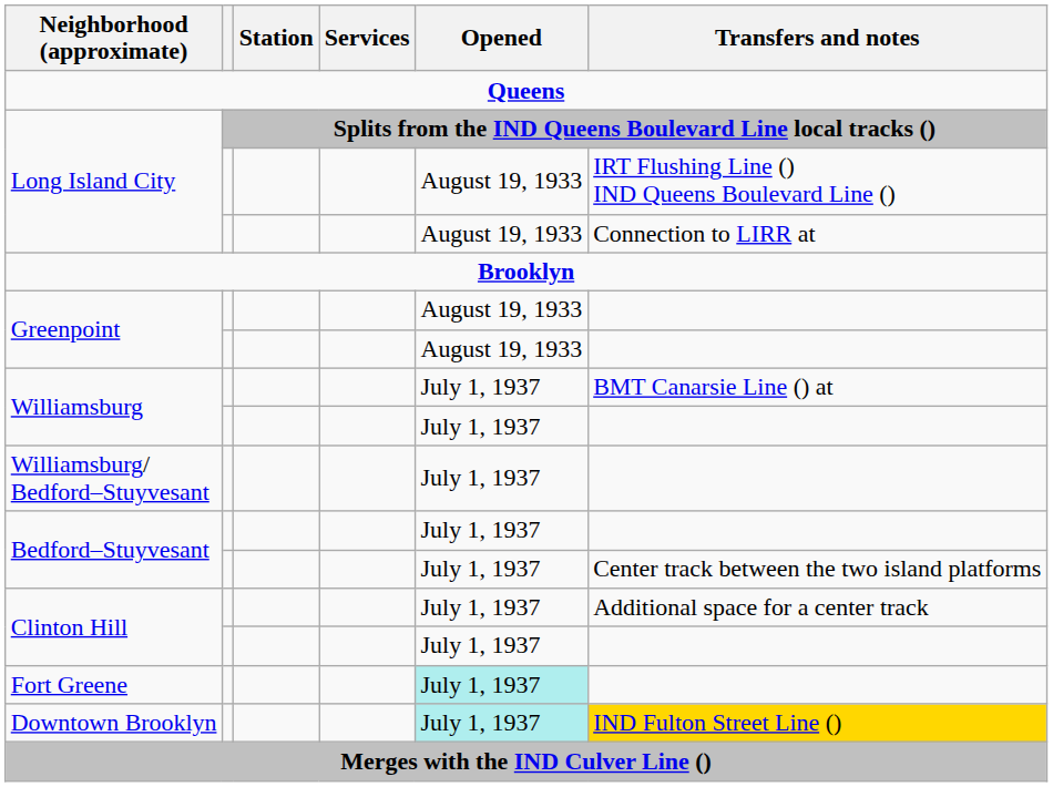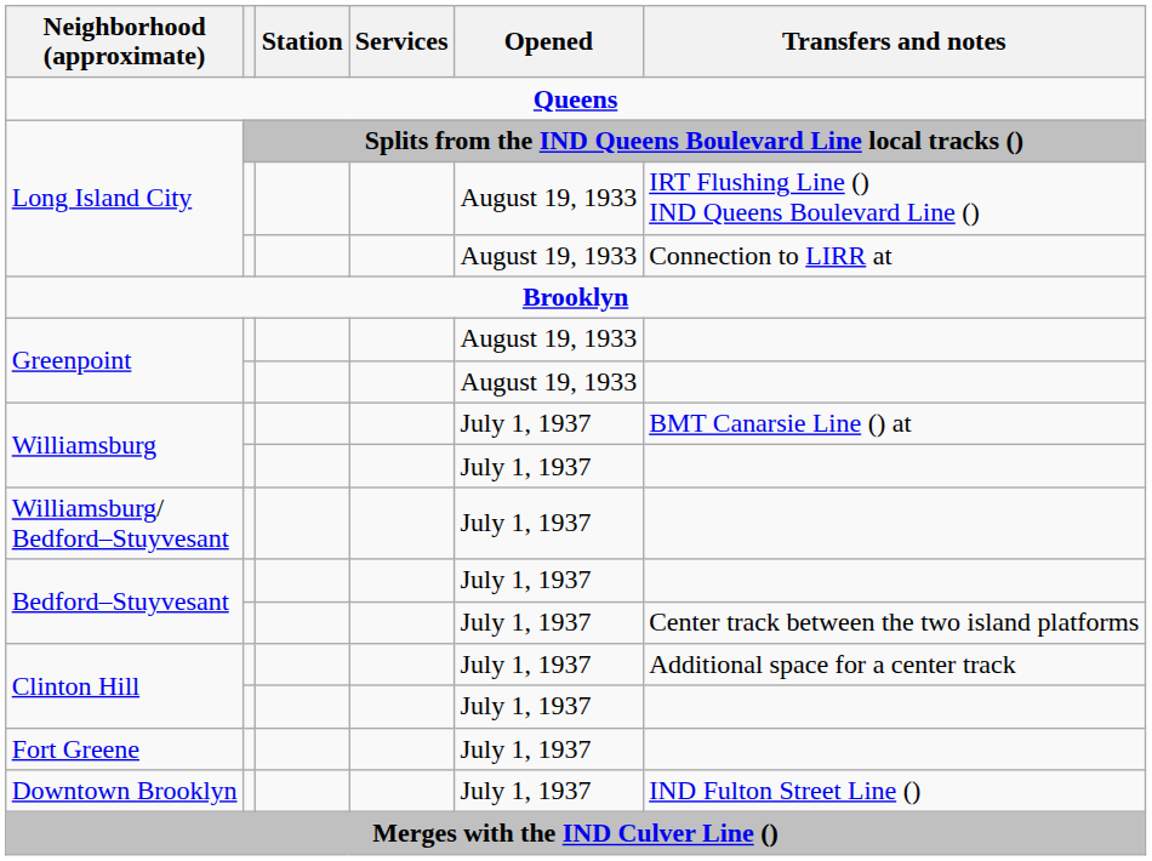 <table class="wikitable">
 <tr>
 <th>Neighborhood<br>(approximate)</th>
 <th></th>
 <th>Station</th>
 <th>Services</th>
 <th>Opened</th>
 <th>Transfers and notes</th>
 </tr>
 <tr>
 <td align=center colspan=7><strong><a href='#'>Queens</a></strong></td>
 </tr>
 <tr>
 <td rowspan=3><a href='#'>Long Island City</a></td>
 <th colspan=5 style="background-color: silver;">Splits from the <a href='#'>IND Queens Boulevard Line</a> local tracks ()</th>
 </tr>
 <tr>
 <td></td>
 <td></td>
 <td></td>
 <td>August 19, 1933</td>
 <td><a href='#'>IRT Flushing Line</a> ()<br><a href='#'>IND Queens Boulevard Line</a> ()</td>
 </tr>
 <tr>
 <td></td>
 <td></td>
 <td></td>
 <td>August 19, 1933</td>
 <td>Connection to <a href='#'>LIRR</a> at </td>
 </tr>
 <tr>
 <td align=center colspan=7><strong><a href='#'>Brooklyn</a></strong></td>
 </tr>
 <tr>
 <td rowspan=2><a href='#'>Greenpoint</a></td>
 <td align=center></td>
 <td></td>
 <td></td>
 <td>August 19, 1933</td>
 <td></td>
 </tr>
 <tr>
 <td></td>
 <td></td>
 <td></td>
 <td>August 19, 1933</td>
 <td></td>
 </tr>
 <tr>
 <td rowspan=2><a href='#'>Williamsburg</a></td>
 <td align=center></td>
 <td></td>
 <td></td>
 <td>July 1, 1937</td>
 <td><a href='#'>BMT Canarsie Line</a> () at </td>
 </tr>
 <tr>
 <td></td>
 <td></td>
 <td></td>
 <td>July 1, 1937</td>
 <td></td>
 </tr>
 <tr>
 <td rowspan=1><a href='#'>Williamsburg</a>/<br><a href='#'>Bedford–Stuyvesant</a></td>
 <td></td>
 <td></td>
 <td></td>
 <td>July 1, 1937</td>
 <td></td>
 </tr>
 <tr>
 <td rowspan=2><a href='#'>Bedford–Stuyvesant</a></td>
 <td></td>
 <td></td>
 <td></td>
 <td>July 1, 1937</td>
 <td></td>
 </tr>
 <tr>
 <td></td>
 <td></td>
 <td></td>
 <td>July 1, 1937</td>
 <td>Center track between the two island platforms</td>
 </tr>
 <tr>
 <td rowspan=2><a href='#'>Clinton Hill</a></td>
 <td></td>
 <td></td>
 <td></td>
 <td>July 1, 1937</td>
 <td>Additional space for a center track</td>
 </tr>
 <tr>
 <td></td>
 <td></td>
 <td></td>
 <td>July 1, 1937</td>
 <td></td>
 </tr>
 <tr>
 <td rowspan=1><a href='#'>Fort Greene</a></td>
 <td></td>
 <td></td>
 <td></td>
-<td style="background: paleturquoise;">July 1, 1937</td>
+<td>July 1, 1937</td>
 <td></td>
 </tr>
 <tr>
 <td rowspan=1><a href='#'>Downtown Brooklyn</a></td>
 <td align=center></td>
 <td></td>
 <td></td>
-<td style="background: paleturquoise;">July 1, 1937</td>
-<td style="background: gold;"><a href='#'>IND Fulton Street Line</a> ()</td>
+<td>July 1, 1937</td>
+<td><a href='#'>IND Fulton Street Line</a> ()</td>
 </tr>
 <tr>
 <th colspan=6 style="background-color: silver;">Merges with the <a href='#'>IND Culver Line</a> ()</th>
 </tr>
 </table>
